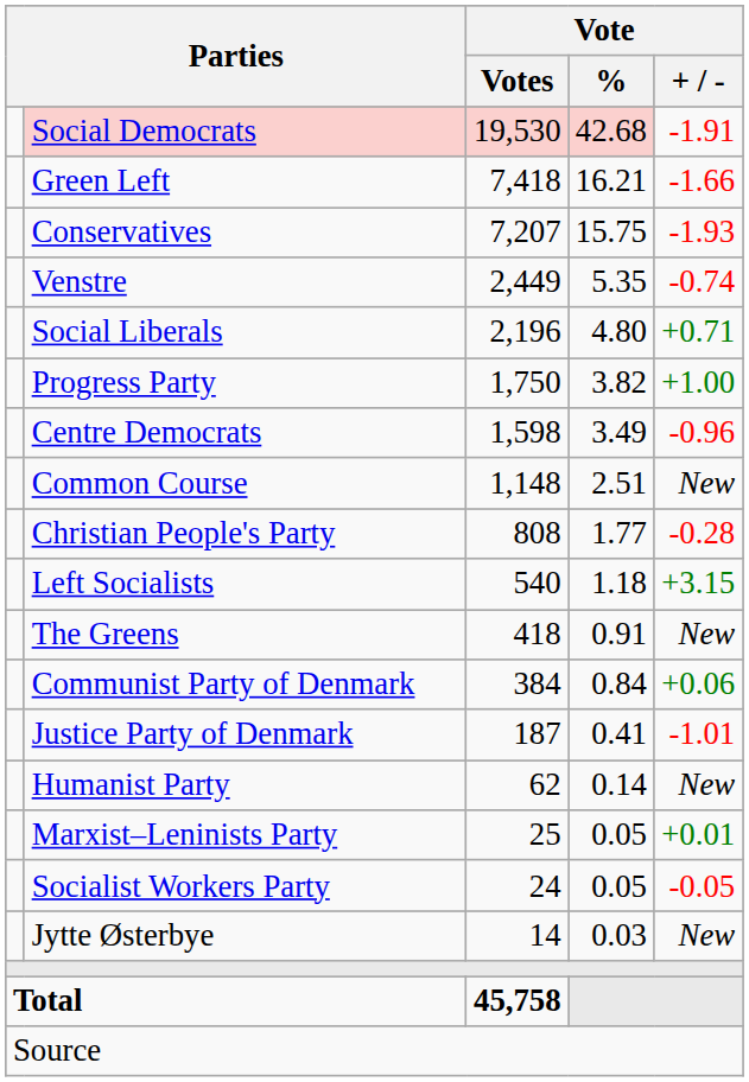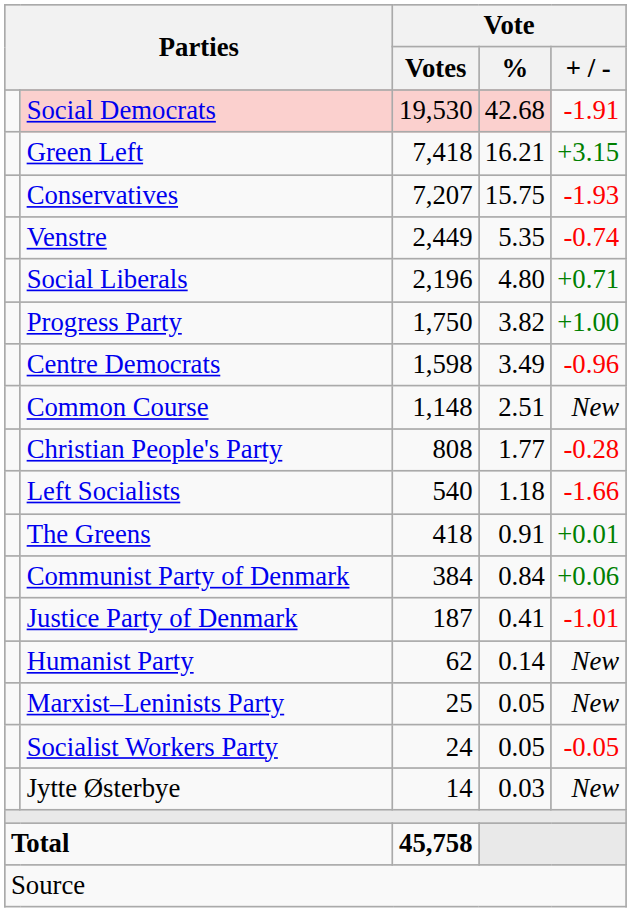 <table class="wikitable" style="text-align:right;">
 <tr>
 <th style="text-align:centre;" rowspan="2" colspan="2" width="225">Parties</th>
 <th colspan="3">Vote</th>
 </tr>
 <tr>
 <th width="15">Votes</th>
 <th width="15">%</th>
 <th width="15">+ / -</th>
 </tr>
 <tr>
 <td width="2" style="color:inherit;background:"></td>
 <td bgcolor=#fbd0ce  align="left"><a href='#'>Social Democrats</a></td>
 <td bgcolor=#fbd0ce>19,530</td>
 <td bgcolor=#fbd0ce>42.68</td>
 <td style=color:red;>-1.91</td>
 </tr>
 <tr>
 <td width="2" style="color:inherit;background:"></td>
 <td align="left"><a href='#'>Green Left</a></td>
 <td>7,418</td>
 <td>16.21</td>
-<td style=color:red;>-1.66</td>
+<td style=color:green;>+3.15</td>
 </tr>
 <tr>
 <td width="2" style="color:inherit;background:"></td>
 <td align="left"><a href='#'>Conservatives</a></td>
 <td>7,207</td>
 <td>15.75</td>
 <td style=color:red;>-1.93</td>
 </tr>
 <tr>
 <td width="2" style="color:inherit;background:"></td>
 <td align="left"><a href='#'>Venstre</a></td>
 <td>2,449</td>
 <td>5.35</td>
 <td style=color:red;>-0.74</td>
 </tr>
 <tr>
 <td width="2" style="color:inherit;background:"></td>
 <td align="left"><a href='#'>Social Liberals</a></td>
 <td>2,196</td>
 <td>4.80</td>
 <td style=color:green;>+0.71</td>
 </tr>
 <tr>
 <td width="2" style="color:inherit;background:"></td>
 <td align="left"><a href='#'>Progress Party</a></td>
 <td>1,750</td>
 <td>3.82</td>
 <td style=color:green;>+1.00</td>
 </tr>
 <tr>
 <td width="2" style="color:inherit;background:"></td>
 <td align="left"><a href='#'>Centre Democrats</a></td>
 <td>1,598</td>
 <td>3.49</td>
 <td style=color:red;>-0.96</td>
 </tr>
 <tr>
 <td width="2" style="color:inherit;background:"></td>
 <td align="left"><a href='#'>Common Course</a></td>
 <td>1,148</td>
 <td>2.51</td>
 <td><em>New</em></td>
 </tr>
 <tr>
 <td width="2" style="color:inherit;background:"></td>
 <td align="left"><a href='#'>Christian People's Party</a></td>
 <td>808</td>
 <td>1.77</td>
 <td style=color:red;>-0.28</td>
 </tr>
 <tr>
 <td width="2" style="color:inherit;background:"></td>
 <td align="left"><a href='#'>Left Socialists</a></td>
 <td>540</td>
 <td>1.18</td>
-<td style=color:green;>+3.15</td>
+<td style=color:red;>-1.66</td>
 </tr>
 <tr>
 <td width="2" style="color:inherit;background:"></td>
 <td align="left"><a href='#'>The Greens</a></td>
 <td>418</td>
 <td>0.91</td>
-<td><em>New</em></td>
+<td style=color:green;>+0.01</td>
 </tr>
 <tr>
 <td width="2" style="color:inherit;background:"></td>
 <td align="left"><a href='#'>Communist Party of Denmark</a></td>
 <td>384</td>
 <td>0.84</td>
 <td style=color:green;>+0.06</td>
 </tr>
 <tr>
 <td width="2" style="color:inherit;background:"></td>
 <td align="left"><a href='#'>Justice Party of Denmark</a></td>
 <td>187</td>
 <td>0.41</td>
 <td style=color:red;>-1.01</td>
 </tr>
 <tr>
 <td width="2" style="color:inherit;background:"></td>
 <td align="left"><a href='#'>Humanist Party</a></td>
 <td>62</td>
 <td>0.14</td>
 <td><em>New</em></td>
 </tr>
 <tr>
 <td width="2" style="color:inherit;background:"></td>
 <td align="left"><a href='#'>Marxist–Leninists Party</a></td>
 <td>25</td>
 <td>0.05</td>
-<td style=color:green;>+0.01</td>
+<td><em>New</em></td>
 </tr>
 <tr>
 <td width="2" style="color:inherit;background:"></td>
 <td align="left"><a href='#'>Socialist Workers Party</a></td>
 <td>24</td>
 <td>0.05</td>
 <td style=color:red;>-0.05</td>
 </tr>
 <tr>
 <td width="2" style="color:inherit;background:"></td>
 <td align="left">Jytte Østerbye</td>
 <td>14</td>
 <td>0.03</td>
 <td><em>New</em></td>
 </tr>
 <tr>
 <td colspan="7" bgcolor="#E9E9E9"></td>
 </tr>
 <tr>
 <td align="left" colspan="2"><strong>Total</strong></td>
 <td><strong>45,758</strong></td>
 <td bgcolor="#E9E9E9" colspan="2"></td>
 </tr>
 <tr>
 <td align="left" colspan="6">Source</td>
 </tr>
 </table>
